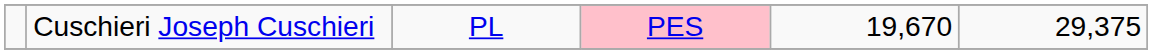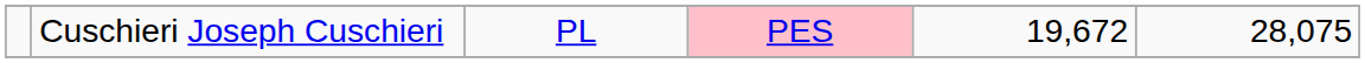 <table class="wikitable">
 <tr>
 </tr>
 <tr>
 <td width=5px style="background-color: "></td>
 <td width = "200"><span>Cuschieri</span> <a href='#'>Joseph Cuschieri</a></td>
 <td width = "100" align = "center"><a href='#'>PL</a></td>
 <td width = "100" align = "center" style="background: pink;"><a href='#'>PES</a></td>
-<td width = "100" align = "right">19,670</td>
-<td width = "100" align = "right">29,375</td>
+<td width = "100" align = "right">19,672</td>
+<td width = "100" align = "right">28,075</td>
 </tr>
 <tr>
 </tr>
 </table>
